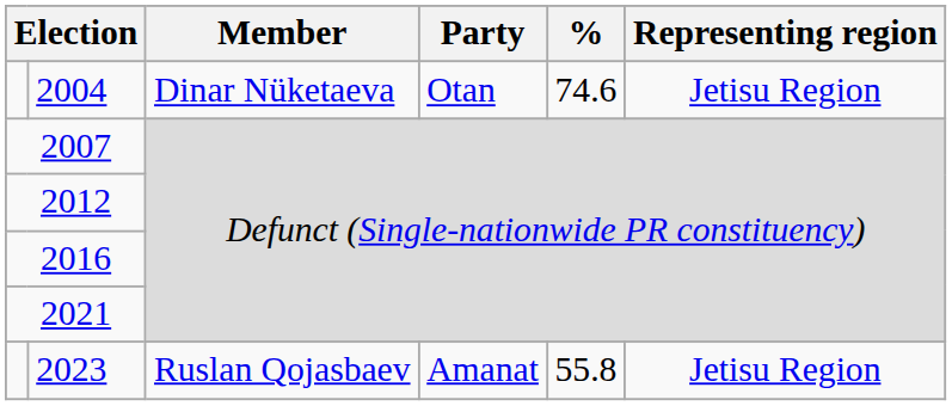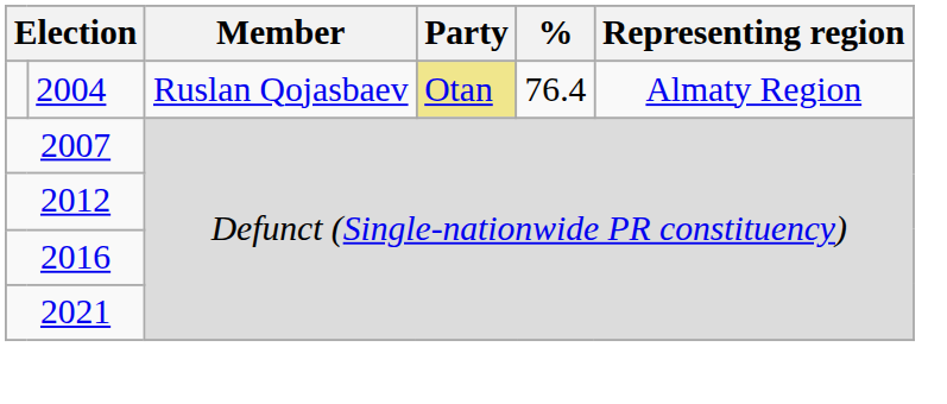 <table class="wikitable">
 <tr>
 <th colspan="2">Election</th>
 <th>Member</th>
 <th>Party</th>
 <th>%</th>
 <th>Representing region</th>
 </tr>
 <tr>
 <td style="background-color: "></td>
 <td><a href='#'>2004</a></td>
-<td><a href='#'>Dinar Nüketaeva</a></td>
-<td><a href='#'>Otan</a></td>
-<td align="right">74.6</td>
-<td align="center"><a href='#'>Jetisu Region</a></td>
+<td><a href='#'>Ruslan Qojasbaev</a></td>
+<td style="background: khaki;"><a href='#'>Otan</a></td>
+<td align="right">76.4</td>
+<td align="center"><a href='#'>Almaty Region</a></td>
 </tr>
 <tr>
 <td colspan="2" align="center"><a href='#'>2007</a></td>
 <td colspan="4" rowspan="4" align="center" style="background-color:#DCDCDC"><em>Defunct (<a href='#'>Single-nationwide PR constituency</a>)</em></td>
 </tr>
 <tr>
 <td colspan="2" align="center"><a href='#'>2012</a></td>
 </tr>
 <tr>
 <td colspan="2" align="center"><a href='#'>2016</a></td>
 </tr>
 <tr>
 <td colspan="2" align="center"><a href='#'>2021</a></td>
 </tr>
-<tr>
-<td style="background-color: "></td>
-<td><a href='#'>2023</a></td>
-<td><a href='#'>Ruslan Qojasbaev</a></td>
-<td><a href='#'>Amanat</a></td>
-<td align="right">55.8</td>
-<td align="center"><a href='#'>Jetisu Region</a></td>
-</tr>
 </table>
